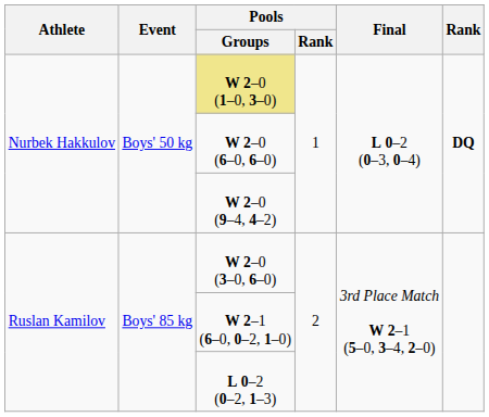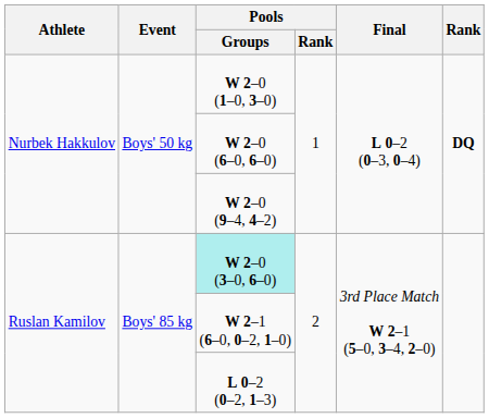 <table class="wikitable" style="text-align:left; font-size:90%">
 <tr>
 <th rowspan="2">Athlete</th>
 <th rowspan="2">Event</th>
 <th colspan="2">Pools</th>
 <th rowspan="2">Final</th>
 <th rowspan="2">Rank</th>
 </tr>
 <tr>
 <th>Groups</th>
 <th>Rank</th>
 </tr>
 <tr>
 <td rowspan="3"><a href='#'>Nurbek Hakkulov</a></td>
 <td rowspan="3"><a href='#'>Boys' 50 kg</a></td>
-<td align=center style="background: khaki;"><br><strong>W</strong> <strong>2</strong>–0<br>(<strong>1</strong>–0, <strong>3</strong>–0)</td>
+<td align=center><br><strong>W</strong> <strong>2</strong>–0<br>(<strong>1</strong>–0, <strong>3</strong>–0)</td>
 <td rowspan="3" align=center>1</td>
 <td align=center rowspan=3><br><strong>L</strong> <strong>0</strong>–2<br>(<strong>0</strong>–3, <strong>0</strong>–4)</td>
 <td rowspan="3" align="center"><strong>DQ</strong></td>
 </tr>
 <tr>
 <td align=center><br><strong>W</strong> <strong>2</strong>–0<br>(<strong>6</strong>–0, <strong>6</strong>–0)</td>
 </tr>
 <tr>
 <td align=center><br><strong>W</strong> <strong>2</strong>–0<br>(<strong>9</strong>–4, <strong>4</strong>–2)</td>
 </tr>
 <tr>
 <td rowspan="3"><a href='#'>Ruslan Kamilov</a></td>
 <td rowspan="3"><a href='#'>Boys' 85 kg</a></td>
-<td align=center><br><strong>W</strong> <strong>2</strong>–0<br>(<strong>3</strong>–0, <strong>6</strong>–0)</td>
+<td align=center style="background: paleturquoise;"><br><strong>W</strong> <strong>2</strong>–0<br>(<strong>3</strong>–0, <strong>6</strong>–0)</td>
 <td rowspan="3" align=center>2</td>
 <td align=center rowspan=3><em>3rd Place Match</em><br><br><strong>W</strong> <strong>2</strong>–1<br>(<strong>5</strong>–0, <strong>3</strong>–4, <strong>2</strong>–0)</td>
 <td rowspan="3" align="center"></td>
 </tr>
 <tr>
 <td align=center><br><strong>W</strong> <strong>2</strong>–1<br>(<strong>6</strong>–0, <strong>0</strong>–2, <strong>1</strong>–0)</td>
 </tr>
 <tr>
 <td align=center><br><strong>L</strong> <strong>0</strong>–2<br>(<strong>0</strong>–2, <strong>1</strong>–3)</td>
 </tr>
 </table>
